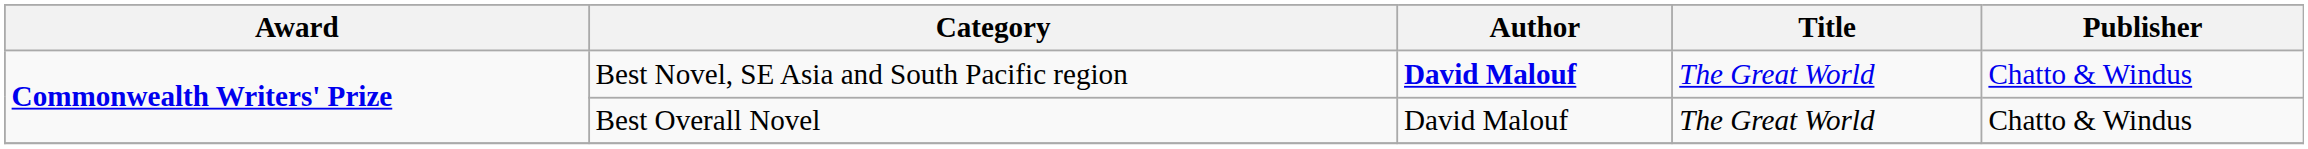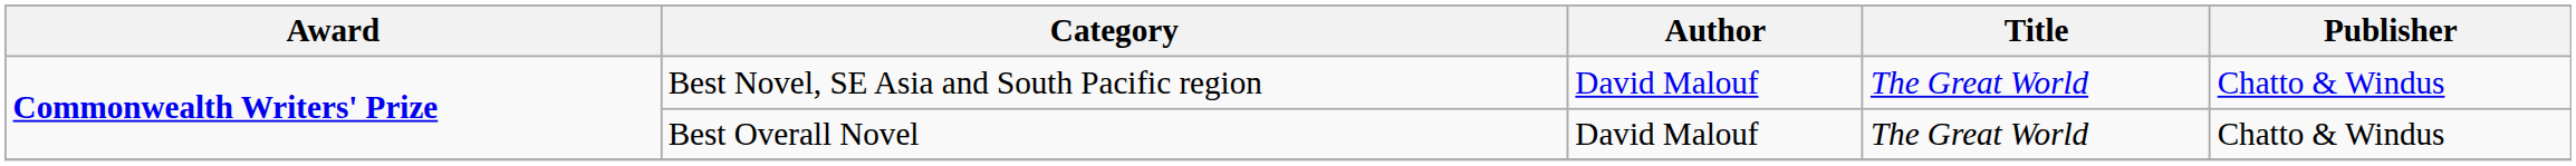 <table class="wikitable" width=100%>
 <tr>
 <th>Award</th>
 <th>Category</th>
 <th>Author</th>
 <th>Title</th>
 <th>Publisher</th>
 </tr>
 <tr>
 <td rowspan=2><strong><a href='#'>Commonwealth Writers' Prize</a></strong></td>
 <td>Best Novel, SE Asia and South Pacific region</td>
-<td><strong><a href='#'>David Malouf</a></strong></td>
+<td><a href='#'>David Malouf</a></td>
 <td><em><a href='#'>The Great World</a></em></td>
 <td><a href='#'>Chatto & Windus</a></td>
 </tr>
 <tr>
 <td>Best Overall Novel</td>
 <td>David Malouf</td>
 <td><em>The Great World</em></td>
 <td>Chatto & Windus</td>
 </tr>
 <tr>
 </tr>
 </table>
